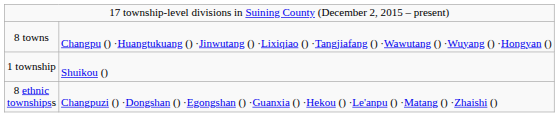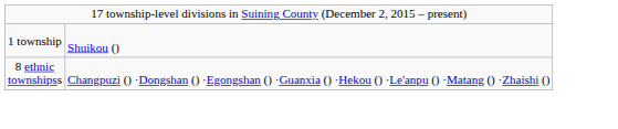 <table class="wikitable">
 <tr>
 <td style="text-align:center;" colspan="2">17 township-level divisions in <a href='#'>Suining County</a> (December 2, 2015 – present)</td>
-</tr>
-<tr align=left>
-<td align=center>8 towns</td>
-<td><br><a href='#'>Changpu</a> () ·<a href='#'>Huangtukuang</a> () ·<a href='#'>Jinwutang</a> () ·<a href='#'>Lixiqiao</a> () ·<a href='#'>Tangjiafang</a> () ·<a href='#'>Wawutang</a> () ·<a href='#'>Wuyang</a> () ·<a href='#'>Hongyan</a> ()</td>
 </tr>
 <tr align=left>
 <td align=center>1 township</td>
 <td><br><a href='#'>Shuikou</a> ()</td>
 </tr>
 <tr align=left>
 <td align=center>8 <a href='#'>ethnic <br>townships</a>s</td>
 <td><br><a href='#'>Changpuzi</a> () ·<a href='#'>Dongshan</a> () ·<a href='#'>Egongshan</a> () ·<a href='#'>Guanxia</a> () ·<a href='#'>Hekou</a> () ·<a href='#'>Le'anpu</a> () ·<a href='#'>Matang</a> () ·<a href='#'>Zhaishi</a> ()</td>
 </tr>
 </table>
